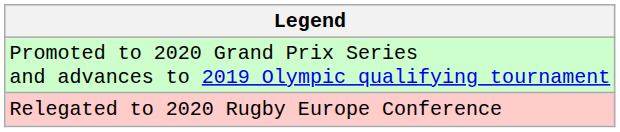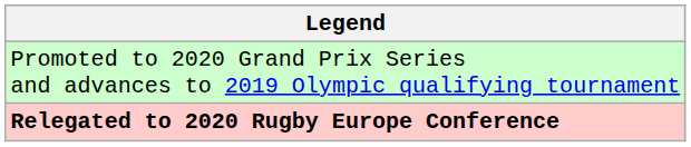 <table class="wikitable">
 <tr>
 <th>Legend</th>
 </tr>
 <tr bgcolor=ccffcc>
 <td>Promoted to 2020 Grand Prix Series <br> and advances to <a href='#'>2019 Olympic qualifying tournament</a></td>
 </tr>
 <tr bgcolor=ffcccc>
-<td>Relegated to 2020 Rugby Europe Conference</td>
+<td><strong>Relegated to 2020 Rugby Europe Conference</strong></td>
 </tr>
 </table>
